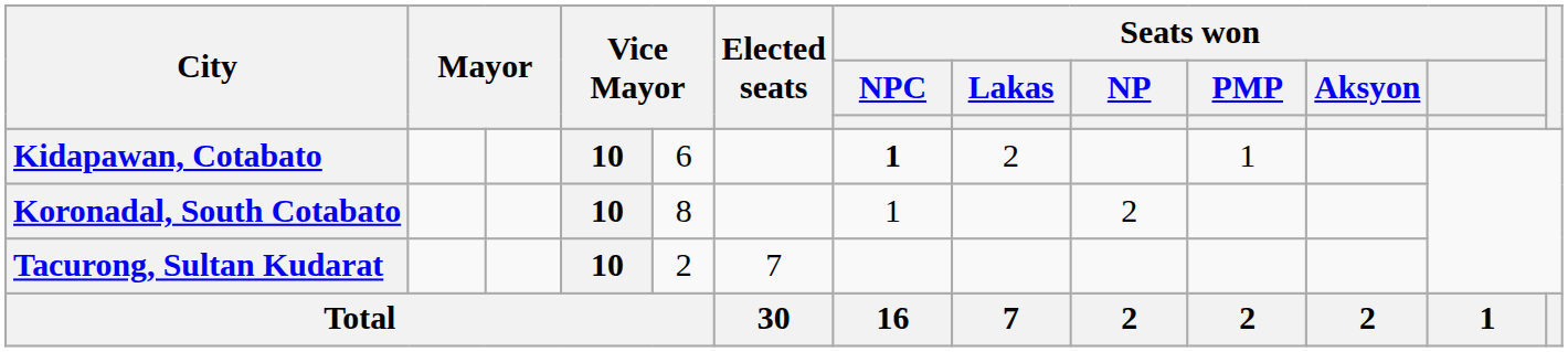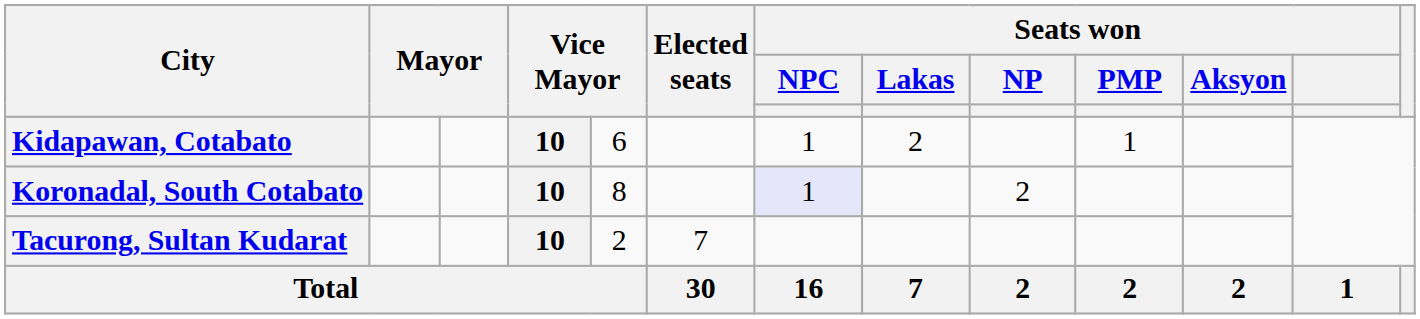 <table class="wikitable" style="text-align:center; font-size: 0.9em;">
 <tr>
 <th rowspan="3">City</th>
 <th colspan="2" rowspan="3" style="width:60px;">Mayor</th>
 <th colspan="2" rowspan="3" style="width:60px;">Vice Mayor</th>
 <th rowspan="3">Elected<br>seats</th>
 <th colspan="6">Seats won</th>
 <th rowspan="3"></th>
 </tr>
 <tr>
 <th class="unsortable" style="width:45px;"><a href='#'>NPC</a></th>
 <th class="unsortable" style="width:45px;"><a href='#'>Lakas</a></th>
 <th class="unsortable" style="width:45px;"><a href='#'>NP</a></th>
 <th class="unsortable" style="width:45px;"><a href='#'>PMP</a></th>
 <th class="unsortable" style="width:45px;"><a href='#'>Aksyon</a></th>
 <th class="unsortable" style="width:45px;"></th>
 </tr>
 <tr>
 <th style="color:inherit;background:"></th>
 <th style="color:inherit;background:"></th>
 <th style="color:inherit;background:"></th>
 <th style="color:inherit;background:"></th>
 <th style="color:inherit;background:"></th>
 <th style="color:inherit;background:"></th>
 </tr>
 <tr>
 <th style="text-align: left;"><a href='#'>Kidapawan, Cotabato</a></th>
 <td></td>
 <td></td>
 <th>10</th>
 <td>6</td>
 <td></td>
-<td><strong>1</strong></td>
+<td>1</td>
 <td>2</td>
 <td></td>
 <td>1</td>
 <td></td>
 </tr>
 <tr>
 <th style="text-align: left;"><a href='#'>Koronadal, South Cotabato</a></th>
 <td></td>
 <td></td>
 <th>10</th>
 <td>8</td>
 <td></td>
-<td>1</td>
+<td style="background: lavender;">1</td>
 <td></td>
 <td>2</td>
 <td></td>
 <td></td>
 </tr>
 <tr>
 <th style="text-align: left;"><a href='#'>Tacurong, Sultan Kudarat</a></th>
 <td></td>
 <td></td>
 <th>10</th>
 <td>2</td>
 <td>7</td>
 <td></td>
 <td></td>
 <td></td>
 <td></td>
 <td></td>
 </tr>
 <tr>
 <th colspan="5">Total</th>
 <th>30</th>
 <th>16</th>
 <th>7</th>
 <th>2</th>
 <th>2</th>
 <th>2</th>
 <th>1</th>
 <th></th>
 </tr>
 </table>
